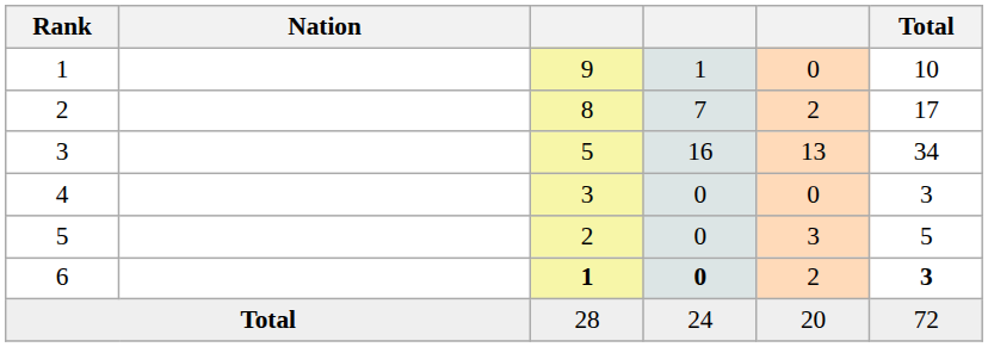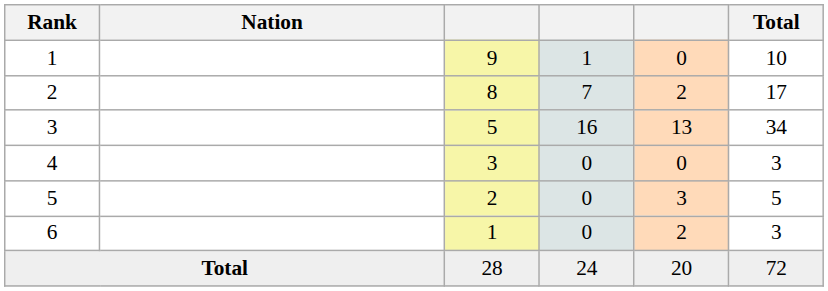 <table class="wikitable" width="35%" cellspacing="1" cellpadding="3" style="border:1px solid #AAAAAA;font-size:90%">
 <tr>
 <th width="50">Rank</th>
 <th width="200">Nation</th>
 <th width="50"></th>
 <th width="50"></th>
 <th width="50"></th>
 <th width="50">Total</th>
 </tr>
 <tr align="center" valign="top" bgcolor="#FFFFFF">
 <td rowspan="1" valign="center">1</td>
 <td align="left"></td>
 <td style="background:#F7F6A8;">9</td>
 <td style="background:#DCE5E5;">1</td>
 <td style="background:#FFDAB9;">0</td>
 <td>10</td>
 </tr>
 <tr align="center" valign="top" bgcolor="#FFFFFF">
 <td rowspan="1" valign="center">2</td>
 <td align="left"></td>
 <td style="background:#F7F6A8;">8</td>
 <td style="background:#DCE5E5;">7</td>
 <td style="background:#FFDAB9;">2</td>
 <td>17</td>
 </tr>
 <tr align="center" valign="top" bgcolor="#FFFFFF">
 <td rowspan="1" valign="center">3</td>
 <td align="left"></td>
 <td style="background:#F7F6A8;">5</td>
 <td style="background:#DCE5E5;">16</td>
 <td style="background:#FFDAB9;">13</td>
 <td>34</td>
 </tr>
 <tr align="center" valign="top" bgcolor="#FFFFFF">
 <td rowspan="1" valign="center">4</td>
 <td align="left"></td>
 <td style="background:#F7F6A8;">3</td>
 <td style="background:#DCE5E5;">0</td>
 <td style="background:#FFDAB9;">0</td>
 <td>3</td>
 </tr>
 <tr align="center" valign="top" bgcolor="#FFFFFF">
 <td rowspan="1" valign="center">5</td>
 <td align="left"></td>
 <td style="background:#F7F6A8;">2</td>
 <td style="background:#DCE5E5;">0</td>
 <td style="background:#FFDAB9;">3</td>
 <td>5</td>
 </tr>
 <tr align="center" valign="top" bgcolor="#FFFFFF">
 <td rowspan="1" valign="center">6</td>
 <td align="left"></td>
-<td style="background:#F7F6A8;"><strong>1</strong></td>
-<td style="background:#DCE5E5;"><strong>0</strong></td>
+<td style="background:#F7F6A8;">1</td>
+<td style="background:#DCE5E5;">0</td>
 <td style="background:#FFDAB9;">2</td>
-<td><strong>3</strong></td>
+<td>3</td>
 </tr>
 <tr align="center" valign="top" bgcolor="#EFEFEF">
 <td colspan="2" rowspan="1" valign="center"><strong>Total</strong></td>
 <td>28</td>
 <td>24</td>
 <td>20</td>
 <td>72</td>
 </tr>
 </table>
